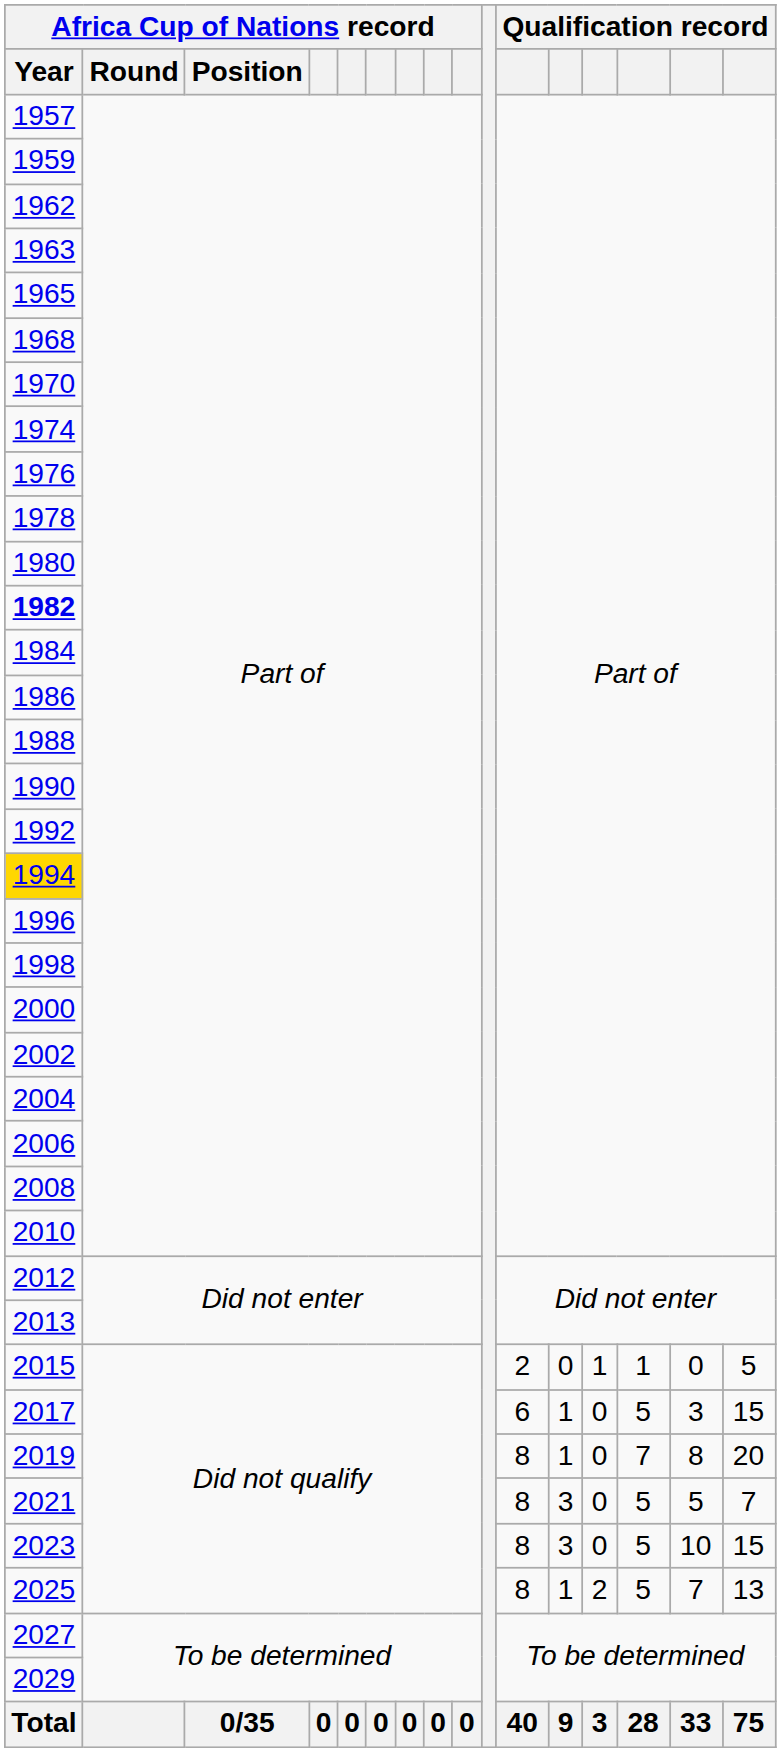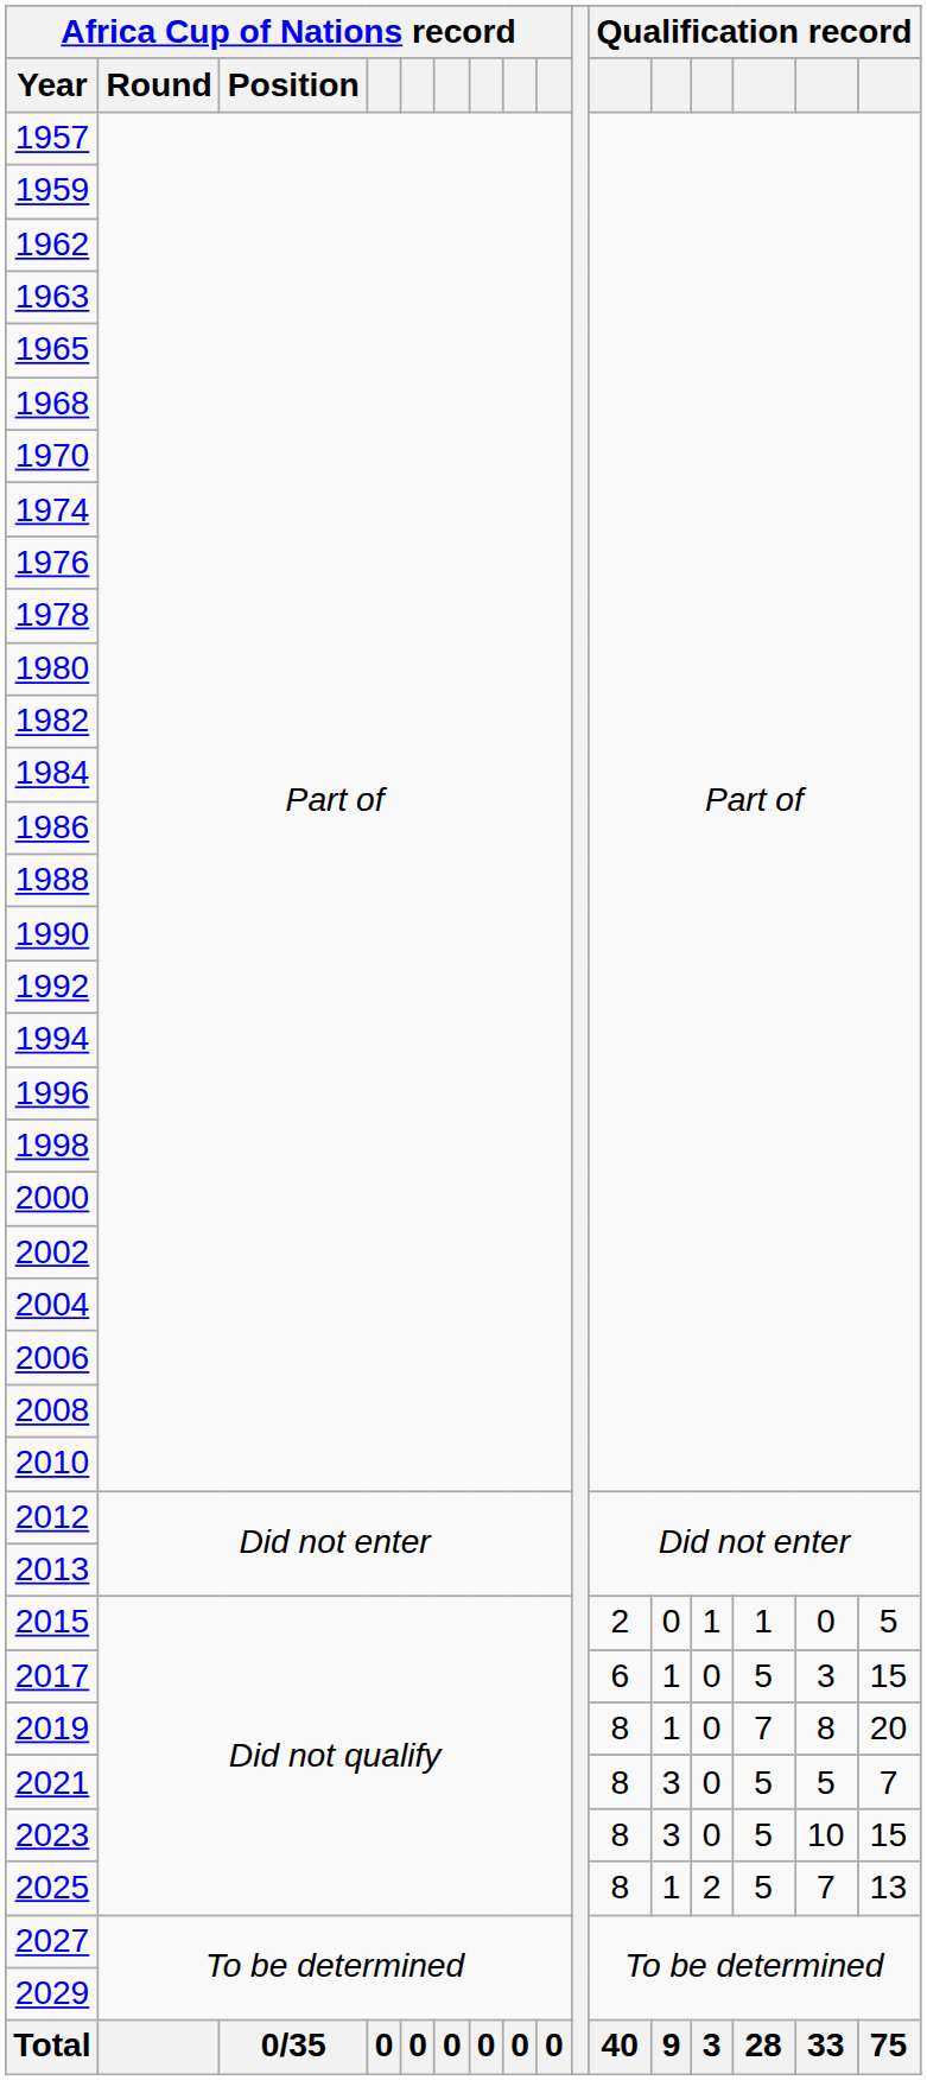 <table class="wikitable" style="text-align: center;">
 <tr>
 <th colspan=9><a href='#'>Africa Cup of Nations</a> record</th>
 <th rowspan="39" width="1"></th>
 <th colspan=6>Qualification record</th>
 </tr>
 <tr>
 <th>Year</th>
 <th>Round</th>
 <th>Position</th>
 <th></th>
 <th></th>
 <th></th>
 <th></th>
 <th></th>
 <th></th>
 <th></th>
 <th></th>
 <th></th>
 <th></th>
 <th></th>
 <th></th>
 </tr>
 <tr>
 <td> <a href='#'>1957</a></td>
 <td colspan=8 rowspan=26><em>Part of </em></td>
 <td colspan=8 rowspan=26><em>Part of </em></td>
 </tr>
 <tr>
 <td> <a href='#'>1959</a></td>
 </tr>
 <tr>
 <td> <a href='#'>1962</a></td>
 </tr>
 <tr>
 <td> <a href='#'>1963</a></td>
 </tr>
 <tr>
 <td> <a href='#'>1965</a></td>
 </tr>
 <tr>
 <td> <a href='#'>1968</a></td>
 </tr>
 <tr>
 <td> <a href='#'>1970</a></td>
 </tr>
 <tr>
 <td> <a href='#'>1974</a></td>
 </tr>
 <tr>
 <td> <a href='#'>1976</a></td>
 </tr>
 <tr>
 <td> <a href='#'>1978</a></td>
 </tr>
 <tr>
 <td> <a href='#'>1980</a></td>
 </tr>
 <tr>
-<td><strong> <a href='#'>1982</a></strong></td>
+<td> <a href='#'>1982</a></td>
 </tr>
 <tr>
 <td> <a href='#'>1984</a></td>
 </tr>
 <tr>
 <td> <a href='#'>1986</a></td>
 </tr>
 <tr>
 <td> <a href='#'>1988</a></td>
 </tr>
 <tr>
 <td> <a href='#'>1990</a></td>
 </tr>
 <tr>
 <td> <a href='#'>1992</a></td>
 </tr>
 <tr>
-<td style="background: gold;"> <a href='#'>1994</a></td>
+<td> <a href='#'>1994</a></td>
 </tr>
 <tr>
 <td> <a href='#'>1996</a></td>
 </tr>
 <tr>
 <td> <a href='#'>1998</a></td>
 </tr>
 <tr>
 <td>  <a href='#'>2000</a></td>
 </tr>
 <tr>
 <td> <a href='#'>2002</a></td>
 </tr>
 <tr>
 <td> <a href='#'>2004</a></td>
 </tr>
 <tr>
 <td> <a href='#'>2006</a></td>
 </tr>
 <tr>
 <td> <a href='#'>2008</a></td>
 </tr>
 <tr>
 <td> <a href='#'>2010</a></td>
 </tr>
 <tr>
 <td>  <a href='#'>2012</a></td>
 <td colspan=8 rowspan=2><em>Did not enter</em></td>
 <td colspan=6 rowspan=2><em>Did not enter</em></td>
 </tr>
 <tr>
 <td> <a href='#'>2013</a></td>
 </tr>
 <tr>
 <td> <a href='#'>2015</a></td>
 <td colspan=8 rowspan=6><em>Did not qualify</em></td>
 <td>2</td>
 <td>0</td>
 <td>1</td>
 <td>1</td>
 <td>0</td>
 <td>5</td>
 </tr>
 <tr>
 <td> <a href='#'>2017</a></td>
 <td>6</td>
 <td>1</td>
 <td>0</td>
 <td>5</td>
 <td>3</td>
 <td>15</td>
 </tr>
 <tr>
 <td> <a href='#'>2019</a></td>
 <td>8</td>
 <td>1</td>
 <td>0</td>
 <td>7</td>
 <td>8</td>
 <td>20</td>
 </tr>
 <tr>
 <td> <a href='#'>2021</a></td>
 <td>8</td>
 <td>3</td>
 <td>0</td>
 <td>5</td>
 <td>5</td>
 <td>7</td>
 </tr>
 <tr>
 <td> <a href='#'>2023</a></td>
 <td>8</td>
 <td>3</td>
 <td>0</td>
 <td>5</td>
 <td>10</td>
 <td>15</td>
 </tr>
 <tr>
 <td> <a href='#'>2025</a></td>
 <td>8</td>
 <td>1</td>
 <td>2</td>
 <td>5</td>
 <td>7</td>
 <td>13</td>
 </tr>
 <tr>
 <td>   <a href='#'>2027</a></td>
 <td colspan="8" rowspan="2"><em>To be determined</em></td>
 <td colspan="6" rowspan="2"><em>To be determined</em></td>
 </tr>
 <tr>
 <td> <a href='#'>2029</a></td>
 </tr>
 <tr>
 <th>Total</th>
 <th></th>
 <th>0/35</th>
 <th>0</th>
 <th>0</th>
 <th>0</th>
 <th>0</th>
 <th>0</th>
 <th>0</th>
 <th>40</th>
 <th>9</th>
 <th>3</th>
 <th>28</th>
 <th>33</th>
 <th>75</th>
 </tr>
 </table>
